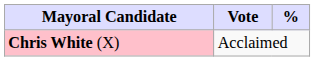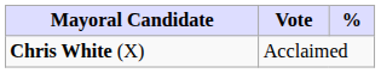 <table class="wikitable">
 <tr>
 <th style="background:#ddf; width:200px;">Mayoral Candidate</th>
 <th style="background:#ddf; width:50px;">Vote</th>
 <th style="background:#ddf; width:30px;">%</th>
 </tr>
 <tr>
-<td style="background: pink;"><strong>Chris White</strong> (X)</td>
+<td><strong>Chris White</strong> (X)</td>
 <td colspan="2">Acclaimed</td>
 </tr>
 </table>
